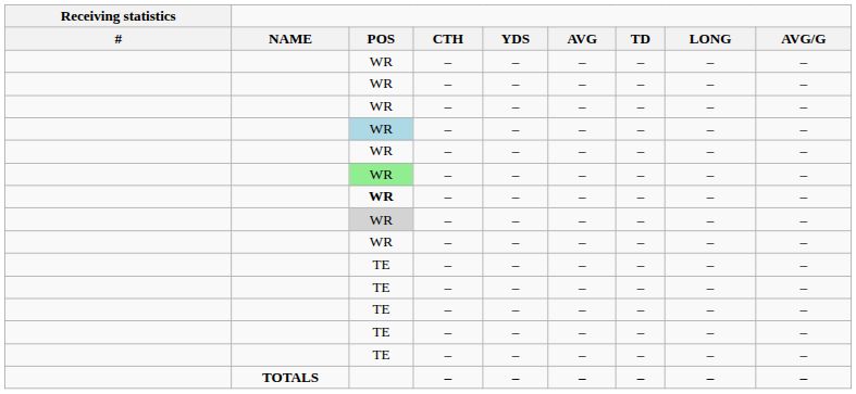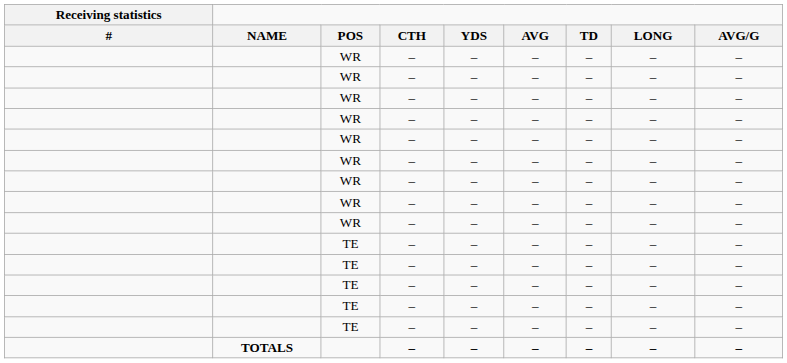 <table style="width:60%; text-align:center;" class="wikitable collapsible collapsed">
 <tr>
 <th style="text-align:center; ">Receiving statistics</th>
 </tr>
 <tr>
 <th>#</th>
 <th>NAME</th>
 <th>POS</th>
 <th>CTH</th>
 <th>YDS</th>
 <th>AVG</th>
 <th>TD</th>
 <th>LONG</th>
 <th>AVG/G</th>
 </tr>
 <tr>
 <td></td>
 <td></td>
 <td>WR</td>
 <td>–</td>
 <td>–</td>
 <td>–</td>
 <td>–</td>
 <td>–</td>
 <td>–</td>
 </tr>
 <tr>
 <td></td>
 <td></td>
 <td>WR</td>
 <td>–</td>
 <td>–</td>
 <td>–</td>
 <td>–</td>
 <td>–</td>
 <td>–</td>
 </tr>
 <tr>
 <td></td>
 <td></td>
 <td>WR</td>
 <td>–</td>
 <td>–</td>
 <td>–</td>
 <td>–</td>
 <td>–</td>
 <td>–</td>
 </tr>
 <tr>
 <td></td>
 <td></td>
-<td style="background: lightblue;">WR</td>
+<td>WR</td>
 <td>–</td>
 <td>–</td>
 <td>–</td>
 <td>–</td>
 <td>–</td>
 <td>–</td>
 </tr>
 <tr>
 <td></td>
 <td></td>
 <td>WR</td>
 <td>–</td>
 <td>–</td>
 <td>–</td>
 <td>–</td>
 <td>–</td>
 <td>–</td>
 </tr>
 <tr>
 <td></td>
 <td></td>
-<td style="background: lightgreen;">WR</td>
+<td>WR</td>
 <td>–</td>
 <td>–</td>
 <td>–</td>
 <td>–</td>
 <td>–</td>
 <td>–</td>
 </tr>
 <tr>
 <td></td>
 <td></td>
-<td><strong>WR</strong></td>
+<td>WR</td>
 <td>–</td>
 <td>–</td>
 <td>–</td>
 <td>–</td>
 <td>–</td>
 <td>–</td>
 </tr>
 <tr>
 <td></td>
 <td></td>
-<td style="background: lightgrey;">WR</td>
+<td>WR</td>
 <td>–</td>
 <td>–</td>
 <td>–</td>
 <td>–</td>
 <td>–</td>
 <td>–</td>
 </tr>
 <tr>
 <td></td>
 <td></td>
 <td>WR</td>
 <td>–</td>
 <td>–</td>
 <td>–</td>
 <td>–</td>
 <td>–</td>
 <td>–</td>
 </tr>
 <tr>
 <td></td>
 <td></td>
 <td>TE</td>
 <td>–</td>
 <td>–</td>
 <td>–</td>
 <td>–</td>
 <td>–</td>
 <td>–</td>
 </tr>
 <tr>
 <td></td>
 <td></td>
 <td>TE</td>
 <td>–</td>
 <td>–</td>
 <td>–</td>
 <td>–</td>
 <td>–</td>
 <td>–</td>
 </tr>
 <tr>
 <td></td>
 <td></td>
 <td>TE</td>
 <td>–</td>
 <td>–</td>
 <td>–</td>
 <td>–</td>
 <td>–</td>
 <td>–</td>
 </tr>
 <tr>
 <td></td>
 <td></td>
 <td>TE</td>
 <td>–</td>
 <td>–</td>
 <td>–</td>
 <td>–</td>
 <td>–</td>
 <td>–</td>
 </tr>
 <tr>
 <td></td>
 <td></td>
 <td>TE</td>
 <td>–</td>
 <td>–</td>
 <td>–</td>
 <td>–</td>
 <td>–</td>
 <td>–</td>
 </tr>
 <tr>
 <td></td>
 <td><strong>TOTALS</strong></td>
 <td></td>
 <td><strong>–</strong></td>
 <td><strong>–</strong></td>
 <td><strong>–</strong></td>
 <td><strong>–</strong></td>
 <td><strong>–</strong></td>
 <td><strong>–</strong></td>
 </tr>
 </table>
